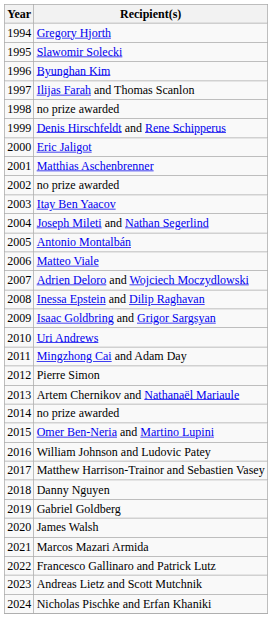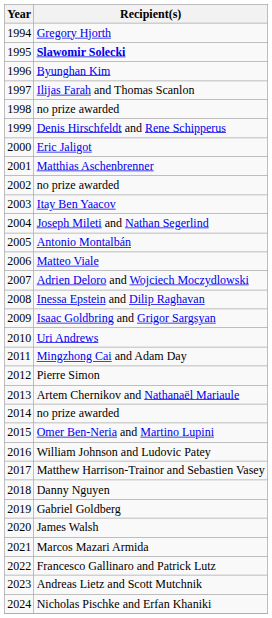 <table class="wikitable">
 <tr>
 <th>Year</th>
 <th>Recipient(s)</th>
 </tr>
 <tr>
 <td>1994</td>
 <td><a href='#'>Gregory Hjorth</a></td>
 </tr>
 <tr>
 <td>1995</td>
-<td><a href='#'>Slawomir Solecki</a></td>
+<td><strong><a href='#'>Slawomir Solecki</a></strong></td>
 </tr>
 <tr>
 <td>1996</td>
 <td><a href='#'>Byunghan Kim</a></td>
 </tr>
 <tr>
 <td>1997</td>
 <td><a href='#'>Ilijas Farah</a> and Thomas Scanlon</td>
 </tr>
 <tr>
 <td>1998</td>
 <td>no prize awarded</td>
 </tr>
 <tr>
 <td>1999</td>
 <td><a href='#'>Denis Hirschfeldt</a> and  <a href='#'>Rene Schipperus</a></td>
 </tr>
 <tr>
 <td>2000</td>
 <td><a href='#'>Eric Jaligot</a></td>
 </tr>
 <tr>
 <td>2001</td>
 <td><a href='#'>Matthias Aschenbrenner</a></td>
 </tr>
 <tr>
 <td>2002</td>
 <td>no prize awarded</td>
 </tr>
 <tr>
 <td>2003</td>
 <td><a href='#'>Itay Ben Yaacov</a></td>
 </tr>
 <tr>
 <td>2004</td>
 <td><a href='#'>Joseph Mileti</a> and <a href='#'>Nathan Segerlind</a></td>
 </tr>
 <tr>
 <td>2005</td>
 <td><a href='#'>Antonio Montalbán</a></td>
 </tr>
 <tr>
 <td>2006</td>
 <td><a href='#'>Matteo Viale</a></td>
 </tr>
 <tr>
 <td>2007</td>
 <td><a href='#'>Adrien Deloro</a> and <a href='#'>Wojciech Moczydlowski</a></td>
 </tr>
 <tr>
 <td>2008</td>
 <td><a href='#'>Inessa Epstein</a> and <a href='#'>Dilip Raghavan</a></td>
 </tr>
 <tr>
 <td>2009</td>
 <td><a href='#'>Isaac Goldbring</a> and <a href='#'>Grigor Sargsyan</a></td>
 </tr>
 <tr>
 <td>2010</td>
 <td><a href='#'>Uri Andrews</a></td>
 </tr>
 <tr>
 <td>2011</td>
 <td><a href='#'>Mingzhong Cai</a> and Adam Day</td>
 </tr>
 <tr>
 <td>2012</td>
 <td>Pierre Simon</td>
 </tr>
 <tr>
 <td>2013</td>
 <td>Artem Chernikov  and <a href='#'>Nathanaël Mariaule</a></td>
 </tr>
 <tr>
 <td>2014</td>
 <td>no prize awarded</td>
 </tr>
 <tr>
 <td>2015</td>
 <td><a href='#'>Omer Ben-Neria</a> and <a href='#'>Martino Lupini</a></td>
 </tr>
 <tr>
 <td>2016</td>
 <td>William Johnson and Ludovic Patey</td>
 </tr>
 <tr>
 <td>2017</td>
 <td>Matthew Harrison-Trainor and Sebastien Vasey</td>
 </tr>
 <tr>
 <td>2018</td>
 <td>Danny Nguyen</td>
 </tr>
 <tr>
 <td>2019</td>
 <td>Gabriel Goldberg</td>
 </tr>
 <tr>
 <td>2020</td>
 <td>James Walsh</td>
 </tr>
 <tr>
 <td>2021</td>
 <td>Marcos Mazari Armida</td>
 </tr>
 <tr>
 <td>2022</td>
 <td>Francesco Gallinaro and Patrick Lutz</td>
 </tr>
 <tr>
 <td>2023</td>
 <td>Andreas Lietz and Scott Mutchnik</td>
 </tr>
 <tr>
 <td>2024</td>
 <td>Nicholas Pischke and Erfan Khaniki</td>
 </tr>
 <tr>
 </tr>
 </table>
